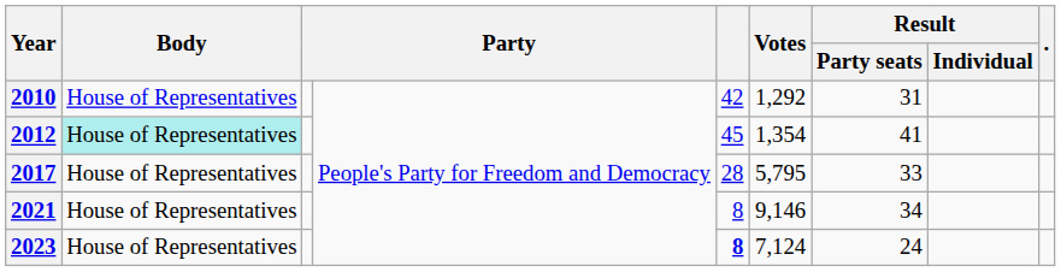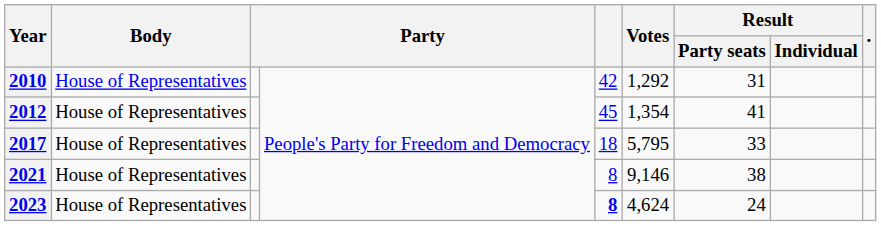 <table class="wikitable plainrowheaders sortable" border=2 cellpadding=4 cellspacing=0 style="border: 1px #aaa solid; font-size: 90%; text-align:center;">
 <tr>
 <th scope="col" rowspan=2>Year</th>
 <th scope="col" rowspan=2>Body</th>
 <th scope="col" colspan=2 rowspan=2>Party</th>
 <th scope="col" rowspan=2></th>
 <th scope="col" rowspan=2>Votes</th>
 <th scope="colgroup" colspan=2>Result</th>
 <th scope="col" rowspan=2 class="unsortable">.</th>
 </tr>
 <tr>
 <th scope="col">Party seats</th>
 <th scope="col">Individual</th>
 </tr>
 <tr>
 <th scope="row"><a href='#'>2010</a></th>
 <td><a href='#'>House of Representatives</a></td>
 <td style="background-color:"></td>
 <td rowspan="5"><a href='#'>People's Party for Freedom and Democracy</a></td>
 <td style=text-align:right><a href='#'>42</a></td>
 <td style=text-align:right>1,292</td>
 <td style=text-align:right>31</td>
 <td></td>
 <td></td>
 </tr>
 <tr>
 <th scope="row"><a href='#'>2012</a></th>
-<td style="background: paleturquoise;">House of Representatives</td>
+<td>House of Representatives</td>
 <td style="background-color:"></td>
 <td style=text-align:right><a href='#'>45</a></td>
 <td style=text-align:right>1,354</td>
 <td style=text-align:right>41</td>
 <td></td>
 <td></td>
 </tr>
 <tr>
 <th scope="row"><a href='#'>2017</a></th>
 <td>House of Representatives</td>
 <td style="background-color:"></td>
-<td style=text-align:right><a href='#'>28</a></td>
+<td style=text-align:right><a href='#'>18</a></td>
 <td style=text-align:right>5,795</td>
 <td style=text-align:right>33</td>
 <td></td>
 <td></td>
 </tr>
 <tr>
 <th scope="row"><a href='#'>2021</a></th>
 <td>House of Representatives</td>
 <td style="background-color:"></td>
 <td style=text-align:right><a href='#'>8</a></td>
 <td style=text-align:right>9,146</td>
-<td style=text-align:right>34</td>
+<td style=text-align:right>38</td>
 <td></td>
 <td></td>
 </tr>
 <tr>
 <th scope="row"><a href='#'>2023</a></th>
 <td>House of Representatives</td>
 <td style="background-color:"></td>
 <td style=text-align:right><strong><a href='#'>8</a></strong></td>
-<td style=text-align:right>7,124</td>
+<td style=text-align:right>4,624</td>
 <td style=text-align:right>24</td>
 <td></td>
 <td></td>
 </tr>
 </table>
